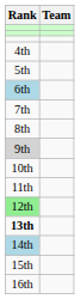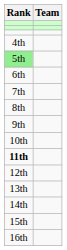 <table class=wikitable style="text-align:center;">
 <tr>
 <th>Rank</th>
 <th>Team</th>
 </tr>
 <tr bgcolor=#ccffcc>
 <td></td>
 <td align=left></td>
 </tr>
 <tr bgcolor=#ccffcc>
 <td></td>
 <td align=left></td>
 </tr>
 <tr>
 <td></td>
 <td align=left></td>
 </tr>
 <tr>
 <td>4th</td>
 <td align=left></td>
 </tr>
 <tr>
-<td>5th</td>
+<td style="background: lightgreen;">5th</td>
 <td align=left></td>
 </tr>
 <tr>
-<td style="background: lightblue;">6th</td>
+<td>6th</td>
 <td align=left></td>
 </tr>
 <tr>
 <td>7th</td>
 <td align=left></td>
 </tr>
 <tr>
 <td>8th</td>
 <td align=left></td>
 </tr>
 <tr>
-<td style="background: lightgrey;">9th</td>
+<td>9th</td>
 <td align=left></td>
 </tr>
 <tr>
 <td>10th</td>
 <td align=left></td>
 </tr>
 <tr>
-<td>11th</td>
+<td><strong>11th</strong></td>
 <td align=left></td>
 </tr>
 <tr>
-<td style="background: lightgreen;">12th</td>
+<td>12th</td>
 <td align=left></td>
 </tr>
 <tr>
-<td><strong>13th</strong></td>
+<td>13th</td>
 <td align=left></td>
 </tr>
 <tr>
-<td style="background: lightblue;">14th</td>
+<td>14th</td>
 <td align=left></td>
 </tr>
 <tr>
 <td>15th</td>
 <td align=left></td>
 </tr>
 <tr>
 <td>16th</td>
 <td align=left></td>
 </tr>
 </table>
